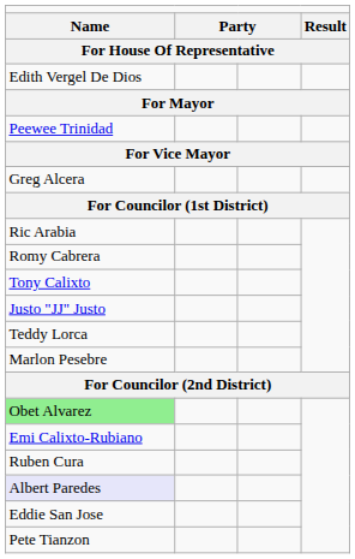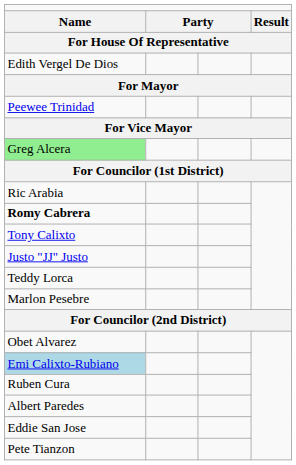 <table class="wikitable" style="font-size:90%">
 <tr>
 <td colspan="5"></td>
 </tr>
 <tr>
 <th width="150px">Name</th>
 <th colspan="2" width="110px">Party</th>
 <th>Result</th>
 </tr>
 <tr>
 <th colspan="5">For House Of Representative</th>
 </tr>
 <tr>
 <td>Edith Vergel De Dios</td>
 <td></td>
 <td></td>
 </tr>
 <tr>
 <th colspan="5">For Mayor</th>
 </tr>
 <tr>
 <td><a href='#'>Peewee Trinidad</a></td>
 <td></td>
 <td></td>
 </tr>
 <tr>
 <th colspan="5">For Vice Mayor</th>
 </tr>
 <tr>
-<td>Greg Alcera</td>
+<td style="background: lightgreen;">Greg Alcera</td>
 <td></td>
 <td></td>
 </tr>
 <tr>
 <th colspan="5">For Councilor (1st District)</th>
 </tr>
 <tr>
 <td>Ric Arabia</td>
 <td></td>
 <td></td>
 </tr>
 <tr>
-<td>Romy Cabrera</td>
+<td><strong>Romy Cabrera</strong></td>
 <td></td>
 <td></td>
 </tr>
 <tr>
 <td><a href='#'>Tony Calixto</a></td>
 <td></td>
 <td></td>
 </tr>
 <tr>
 <td><a href='#'>Justo "JJ" Justo</a></td>
 <td></td>
 <td></td>
 </tr>
 <tr>
 <td>Teddy Lorca</td>
 <td></td>
 <td></td>
 </tr>
 <tr>
 <td>Marlon Pesebre</td>
 <td></td>
 <td></td>
 </tr>
 <tr>
 <th colspan="5">For Councilor (2nd District)</th>
 </tr>
 <tr>
-<td style="background: lightgreen;">Obet Alvarez</td>
+<td>Obet Alvarez</td>
 <td></td>
 <td></td>
 </tr>
 <tr>
-<td><a href='#'>Emi Calixto-Rubiano</a></td>
+<td style="background: lightblue;"><a href='#'>Emi Calixto-Rubiano</a></td>
 <td></td>
 <td></td>
 </tr>
 <tr>
 <td>Ruben Cura</td>
 <td></td>
 <td></td>
 </tr>
 <tr>
-<td style="background: lavender;">Albert Paredes</td>
+<td>Albert Paredes</td>
 <td></td>
 <td></td>
 </tr>
 <tr>
 <td>Eddie San Jose</td>
 <td></td>
 <td></td>
 </tr>
 <tr>
 <td>Pete Tianzon</td>
 <td></td>
 <td></td>
 </tr>
 </table>
